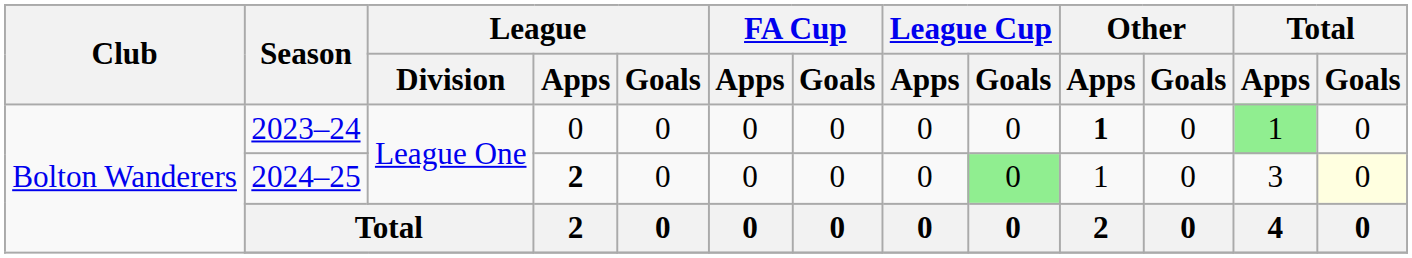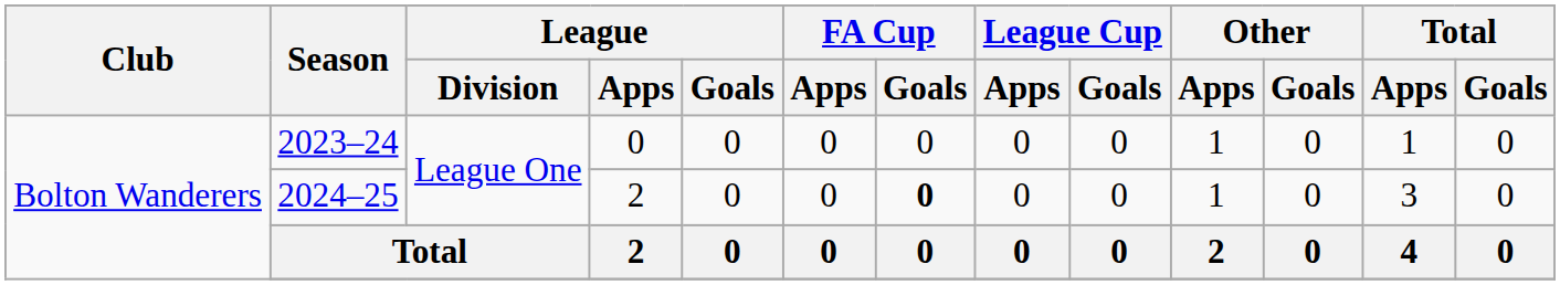 <table class="wikitable" style="text-align: center">
 <tr>
 <th rowspan="2">Club</th>
 <th rowspan="2">Season</th>
 <th colspan="3">League</th>
 <th colspan="2"><a href='#'>FA Cup</a></th>
 <th colspan="2"><a href='#'>League Cup</a></th>
 <th colspan="2">Other</th>
 <th colspan="2">Total</th>
 </tr>
 <tr>
 <th>Division</th>
 <th>Apps</th>
 <th>Goals</th>
 <th>Apps</th>
 <th>Goals</th>
 <th>Apps</th>
 <th>Goals</th>
 <th>Apps</th>
 <th>Goals</th>
 <th>Apps</th>
 <th>Goals</th>
 </tr>
 <tr>
 <td rowspan="6"><a href='#'>Bolton Wanderers</a></td>
 <td><a href='#'>2023–24</a></td>
 <td rowspan="2"><a href='#'>League One</a></td>
 <td>0</td>
 <td>0</td>
 <td>0</td>
 <td>0</td>
 <td>0</td>
 <td>0</td>
-<td><strong>1</strong></td>
+<td>1</td>
 <td>0</td>
-<td style="background: lightgreen;">1</td>
+<td>1</td>
 <td>0</td>
 </tr>
 <tr>
 <td><a href='#'>2024–25</a></td>
-<td><strong>2</strong></td>
+<td>2</td>
 <td>0</td>
 <td>0</td>
+<td><strong>0</strong></td>
 <td>0</td>
 <td>0</td>
-<td style="background: lightgreen;">0</td>
 <td>1</td>
 <td>0</td>
 <td>3</td>
-<td style="background: lightyellow;">0</td>
+<td>0</td>
 </tr>
 <tr>
 <th colspan="2">Total</th>
 <th>2</th>
 <th>0</th>
 <th>0</th>
 <th>0</th>
 <th>0</th>
 <th>0</th>
 <th>2</th>
 <th>0</th>
 <th>4</th>
 <th>0</th>
 </tr>
 <tr>
 </tr>
 </table>
